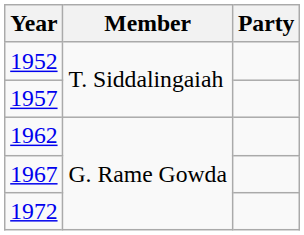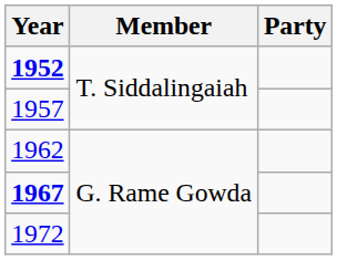 <table class="wikitable">
 <tr>
 <th>Year</th>
 <th>Member</th>
 <th colspan="2">Party</th>
 </tr>
 <tr>
-<td><a href='#'>1952</a></td>
+<td><strong><a href='#'>1952</a></strong></td>
 <td rowspan="2">T. Siddalingaiah</td>
 <td></td>
 </tr>
 <tr>
 <td><a href='#'>1957</a></td>
 </tr>
 <tr>
 <td><a href='#'>1962</a></td>
 <td rowspan=3>G. Rame Gowda</td>
 <td></td>
 </tr>
 <tr>
-<td><a href='#'>1967</a></td>
+<td><strong><a href='#'>1967</a></strong></td>
 </tr>
 <tr>
 <td><a href='#'>1972</a></td>
 <td></td>
 </tr>
 </table>
